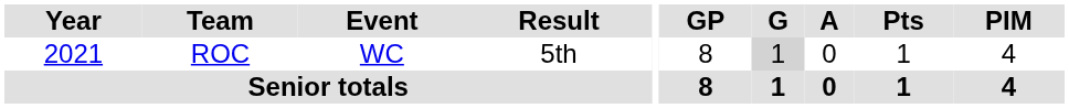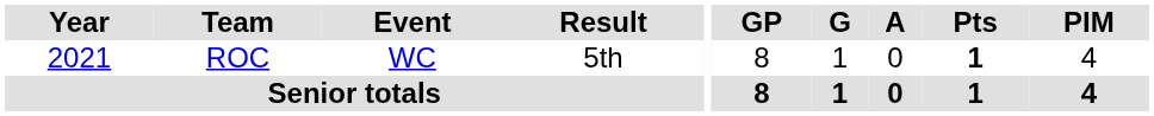 <table border="0" cellpadding="1" cellspacing="0" ID="Table3" style="text-align:center; width:40em">
 <tr ALIGN="center" bgcolor="#e0e0e0">
 <th>Year</th>
 <th>Team</th>
 <th>Event</th>
 <th>Result</th>
 <th rowspan="99" bgcolor="#ffffff"></th>
 <th>GP</th>
 <th>G</th>
 <th>A</th>
 <th>Pts</th>
 <th>PIM</th>
 </tr>
 <tr>
 <td><a href='#'>2021</a></td>
 <td><a href='#'>ROC</a></td>
 <td><a href='#'>WC</a></td>
 <td>5th</td>
 <td>8</td>
-<td style="background: lightgrey;">1</td>
+<td>1</td>
 <td>0</td>
-<td>1</td>
+<td><strong>1</strong></td>
 <td>4</td>
 </tr>
 <tr bgcolor="#e0e0e0">
 <th colspan="4">Senior totals</th>
 <th>8</th>
 <th>1</th>
 <th>0</th>
 <th>1</th>
 <th>4</th>
 </tr>
 </table>
